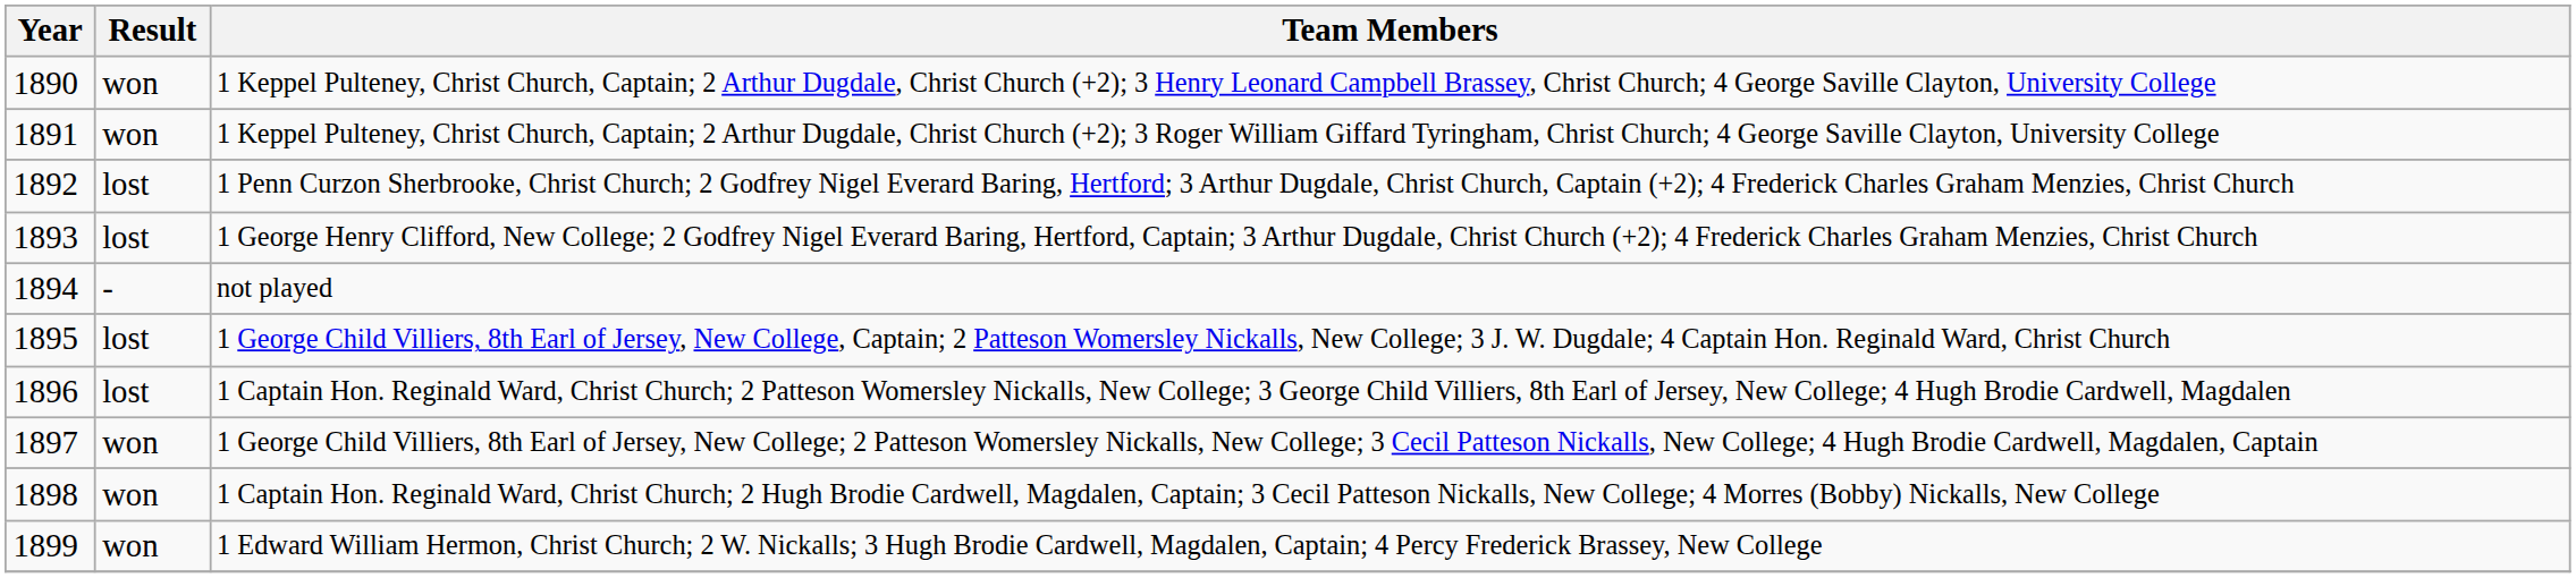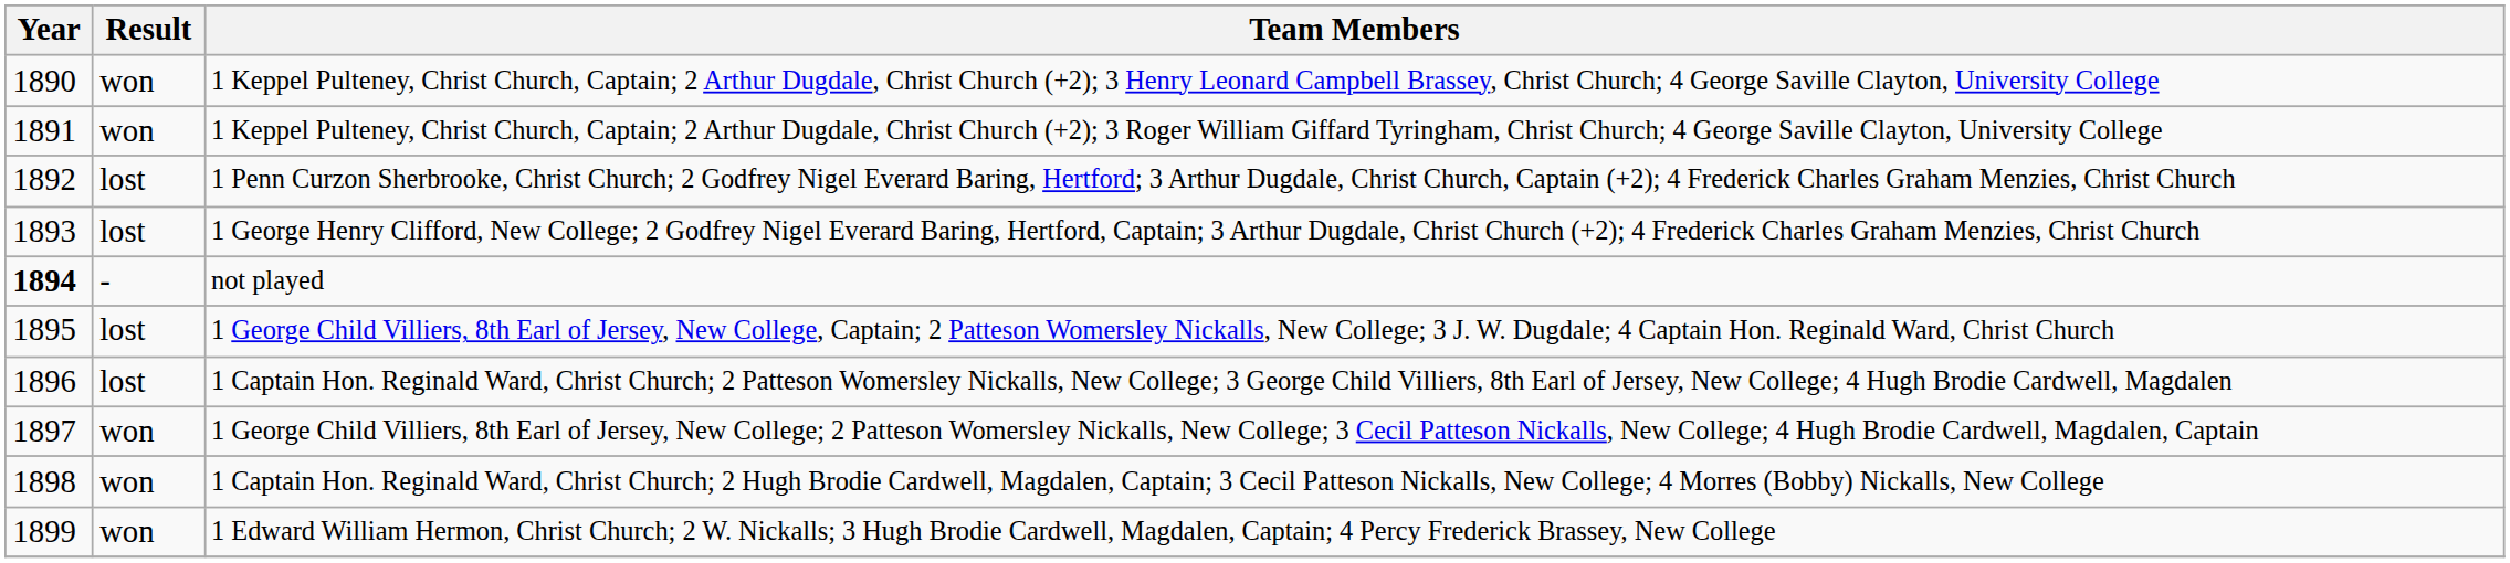 <table class="wikitable" width="100%">
 <tr>
 <th>Year</th>
 <th>Result</th>
 <th>Team Members</th>
 </tr>
 <tr>
 <td>1890</td>
 <td>won</td>
 <td style="font-size:85%">1 Keppel Pulteney, Christ Church, Captain; 2 <a href='#'>Arthur Dugdale</a>, Christ Church (+2); 3 <a href='#'>Henry Leonard Campbell Brassey</a>, Christ Church; 4 George Saville Clayton, <a href='#'>University College</a></td>
 </tr>
 <tr>
 <td>1891</td>
 <td>won</td>
 <td style="font-size:85%">1 Keppel Pulteney, Christ Church, Captain; 2 Arthur Dugdale, Christ Church (+2); 3 Roger William Giffard Tyringham, Christ Church; 4 George Saville Clayton, University College</td>
 </tr>
 <tr>
 <td>1892</td>
 <td>lost</td>
 <td style="font-size:85%">1 Penn Curzon Sherbrooke, Christ Church; 2 Godfrey Nigel Everard Baring, <a href='#'>Hertford</a>; 3 Arthur Dugdale, Christ Church, Captain (+2); 4 Frederick Charles Graham Menzies, Christ Church</td>
 </tr>
 <tr>
 <td>1893</td>
 <td>lost</td>
 <td style="font-size:85%">1 George Henry Clifford, New College; 2 Godfrey Nigel Everard Baring, Hertford, Captain; 3 Arthur Dugdale, Christ Church (+2); 4 Frederick Charles Graham Menzies, Christ Church</td>
 </tr>
 <tr>
-<td>1894</td>
+<td><strong>1894</strong></td>
 <td>-</td>
 <td style="font-size:85%">not played</td>
 </tr>
 <tr>
 <td>1895</td>
 <td>lost</td>
 <td style="font-size:85%">1 <a href='#'>George Child Villiers, 8th Earl of Jersey</a>, <a href='#'>New College</a>, Captain; 2 <a href='#'>Patteson Womersley Nickalls</a>, New College; 3 J. W. Dugdale; 4 Captain Hon. Reginald Ward, Christ Church</td>
 </tr>
 <tr>
 <td>1896</td>
 <td>lost</td>
 <td style="font-size:85%">1 Captain Hon. Reginald Ward, Christ Church; 2 Patteson Womersley Nickalls, New College; 3 George Child Villiers, 8th Earl of Jersey, New College; 4 Hugh Brodie Cardwell, Magdalen</td>
 </tr>
 <tr>
 <td>1897</td>
 <td>won</td>
 <td style="font-size:85%">1 George Child Villiers, 8th Earl of Jersey, New College; 2 Patteson Womersley Nickalls, New College; 3 <a href='#'>Cecil Patteson Nickalls</a>, New College; 4 Hugh Brodie Cardwell, Magdalen, Captain</td>
 </tr>
 <tr>
 <td>1898</td>
 <td>won</td>
 <td style="font-size:85%">1 Captain Hon. Reginald Ward, Christ Church; 2 Hugh Brodie Cardwell, Magdalen, Captain; 3 Cecil Patteson Nickalls, New College; 4 Morres (Bobby) Nickalls, New College</td>
 </tr>
 <tr>
 <td>1899</td>
 <td>won</td>
 <td style="font-size:85%">1 Edward William Hermon, Christ Church; 2 W. Nickalls; 3 Hugh Brodie Cardwell, Magdalen, Captain; 4 Percy Frederick Brassey, New College</td>
 </tr>
 <tr>
 </tr>
 </table>
